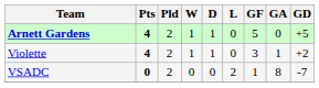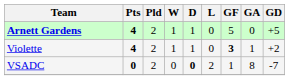 <table class="wikitable" style="text-align:center;">
 <tr>
 <th width=165>Team</th>
 <th width=20>Pts</th>
 <th width=20>Pld</th>
 <th width=20>W</th>
 <th width=20>D</th>
 <th width=20>L</th>
 <th width=20>GF</th>
 <th width=20>GA</th>
 <th width=20>GD</th>
 </tr>
 <tr align=center style="background:#ccffcc;">
 <td style="text-align:left;"> <strong><a href='#'>Arnett Gardens</a></strong></td>
 <td><strong>4</strong></td>
 <td>2</td>
 <td>1</td>
 <td>1</td>
 <td>0</td>
 <td>5</td>
 <td>0</td>
 <td>+5</td>
 </tr>
 <tr align=center style="background:#f5f5f5;">
 <td style="text-align:left;"> <a href='#'>Violette</a></td>
 <td><strong>4</strong></td>
 <td>2</td>
 <td>1</td>
 <td>1</td>
 <td>0</td>
-<td>3</td>
+<td><strong>3</strong></td>
 <td>1</td>
 <td>+2</td>
 </tr>
 <tr align=center style="background:#f5f5f5;">
 <td style="text-align:left;"> <a href='#'>VSADC</a></td>
 <td><strong>0</strong></td>
 <td>2</td>
 <td>0</td>
-<td>0</td>
+<td><strong>0</strong></td>
 <td>2</td>
 <td>1</td>
 <td>8</td>
 <td>-7</td>
 </tr>
 <tr align=center style="background:#f5f5f5;">
 </tr>
 </table>
